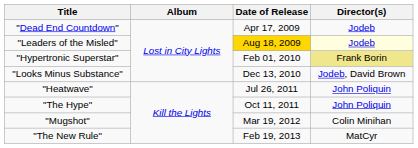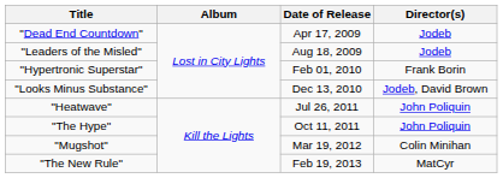 <table class="wikitable">
 <tr>
 <th style="width:200px;">Title</th>
 <th style="width:160px;">Album</th>
 <th style="width:120px;">Date of Release</th>
 <th style="width:160px;">Director(s)</th>
 </tr>
 <tr>
 <td style="text-align:center;">"<a href='#'>Dead End Countdown</a>"</td>
 <td rowspan="4" style="text-align:center;"><em><a href='#'>Lost in City Lights</a></em></td>
 <td style="text-align:center;">Apr 17, 2009</td>
 <td style="text-align:center;"><a href='#'>Jodeb</a></td>
 </tr>
 <tr>
 <td style="text-align:center;">"Leaders of the Misled"</td>
-<td style="background: gold; text-align:center;">Aug 18, 2009</td>
-<td style="background: lightyellow; text-align:center;"><a href='#'>Jodeb</a></td>
+<td style="text-align:center;">Aug 18, 2009</td>
+<td style="text-align:center;"><a href='#'>Jodeb</a></td>
 </tr>
 <tr style="text-align:center;">
 <td>"Hypertronic Superstar"</td>
 <td>Feb 01, 2010</td>
-<td style="background: khaki;">Frank Borin</td>
+<td>Frank Borin</td>
 </tr>
 <tr>
 <td style="text-align:center;">"Looks Minus Substance"</td>
 <td style="text-align:center;">Dec 13, 2010</td>
 <td style="text-align:center;"><a href='#'>Jodeb</a>, David Brown</td>
 </tr>
 <tr>
 <td style="text-align:center;">"Heatwave"</td>
 <td rowspan="4" style="text-align:center;"><em><a href='#'>Kill the Lights</a></em></td>
 <td style="text-align:center;">Jul 26, 2011</td>
 <td style="text-align:center;"><a href='#'>John Poliquin</a></td>
 </tr>
 <tr style="text-align:center;">
 <td>"The Hype"</td>
 <td>Oct 11, 2011</td>
 <td><a href='#'>John Poliquin</a></td>
 </tr>
 <tr style="text-align:center;">
 <td>"Mugshot"</td>
 <td>Mar 19, 2012</td>
 <td>Colin Minihan</td>
 </tr>
 <tr style="text-align:center;">
 <td>"The New Rule"</td>
 <td>Feb 19, 2013</td>
 <td>MatCyr</td>
 </tr>
 </table>
